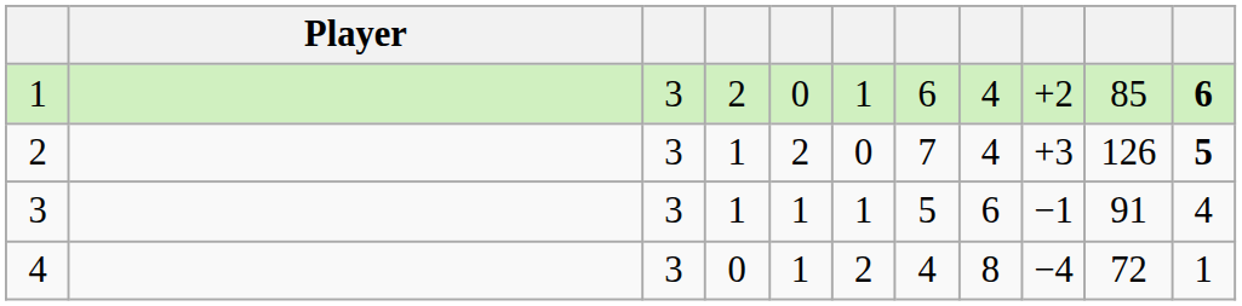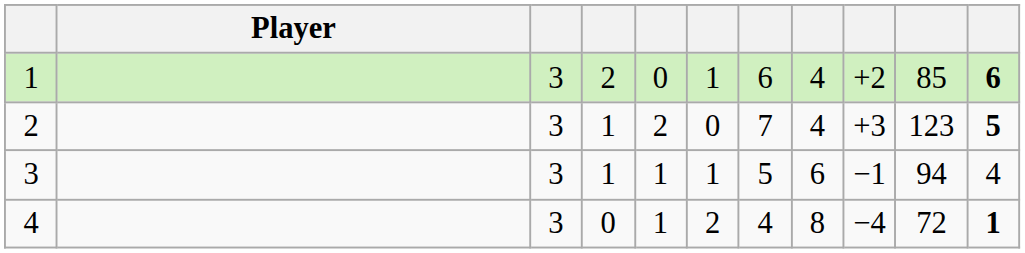 <table class="wikitable" style="text-align:center; margin: 1em auto 1em auto, align:left">
 <tr>
 <th width=20></th>
 <th width=240>Player</th>
 <th width=20></th>
 <th width=20></th>
 <th width=20></th>
 <th width=20></th>
 <th width=20></th>
 <th width=20></th>
 <th width=20></th>
 <th width=30></th>
 <th width=20></th>
 </tr>
 <tr style="background:#D0F0C0;">
 <td>1</td>
 <td align=left></td>
 <td>3</td>
 <td>2</td>
 <td>0</td>
 <td>1</td>
 <td>6</td>
 <td>4</td>
 <td>+2</td>
 <td>85</td>
 <td><strong>6</strong></td>
 </tr>
 <tr style=>
 <td>2</td>
 <td align=left></td>
 <td>3</td>
 <td>1</td>
 <td>2</td>
 <td>0</td>
 <td>7</td>
 <td>4</td>
 <td>+3</td>
-<td>126</td>
+<td>123</td>
 <td><strong>5</strong></td>
 </tr>
 <tr style=>
 <td>3</td>
 <td align=left></td>
 <td>3</td>
 <td>1</td>
 <td>1</td>
 <td>1</td>
 <td>5</td>
 <td>6</td>
 <td>−1</td>
-<td>91</td>
+<td>94</td>
 <td>4</td>
 </tr>
 <tr style=>
 <td>4</td>
 <td align=left></td>
 <td>3</td>
 <td>0</td>
 <td>1</td>
 <td>2</td>
 <td>4</td>
 <td>8</td>
 <td>−4</td>
 <td>72</td>
-<td>1</td>
+<td><strong>1</strong></td>
 </tr>
 </table>
